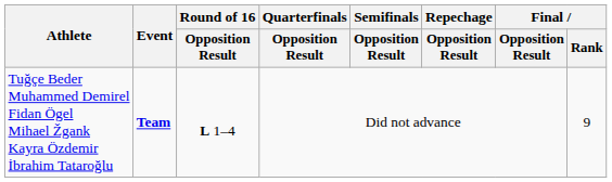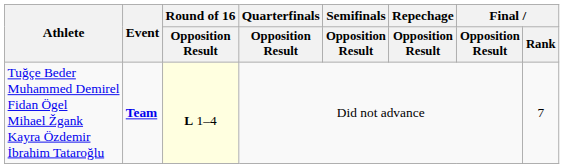 <table class="wikitable" style="font-size:90%">
 <tr>
 <th rowspan="2">Athlete</th>
 <th rowspan="2">Event</th>
 <th>Round of 16</th>
 <th>Quarterfinals</th>
 <th>Semifinals</th>
 <th>Repechage</th>
 <th colspan=2>Final / </th>
 </tr>
 <tr style="font-size:95%">
 <th>Opposition<br>Result</th>
 <th>Opposition<br>Result</th>
 <th>Opposition<br>Result</th>
 <th>Opposition<br>Result</th>
 <th>Opposition<br>Result</th>
 <th>Rank</th>
 </tr>
 <tr align=center>
 <td align=left><a href='#'>Tuğçe Beder</a><br><a href='#'>Muhammed Demirel</a><br><a href='#'>Fidan Ögel</a><br><a href='#'>Mihael Žgank</a><br><a href='#'>Kayra Özdemir</a><br><a href='#'>İbrahim Tataroğlu</a></td>
 <td align=left><strong><a href='#'>Team</a></strong></td>
-<td><br><strong>L</strong> 1–4</td>
+<td style="background: lightyellow;"><br><strong>L</strong> 1–4</td>
 <td colspan=4>Did not advance</td>
-<td>9</td>
+<td>7</td>
 </tr>
 </table>
